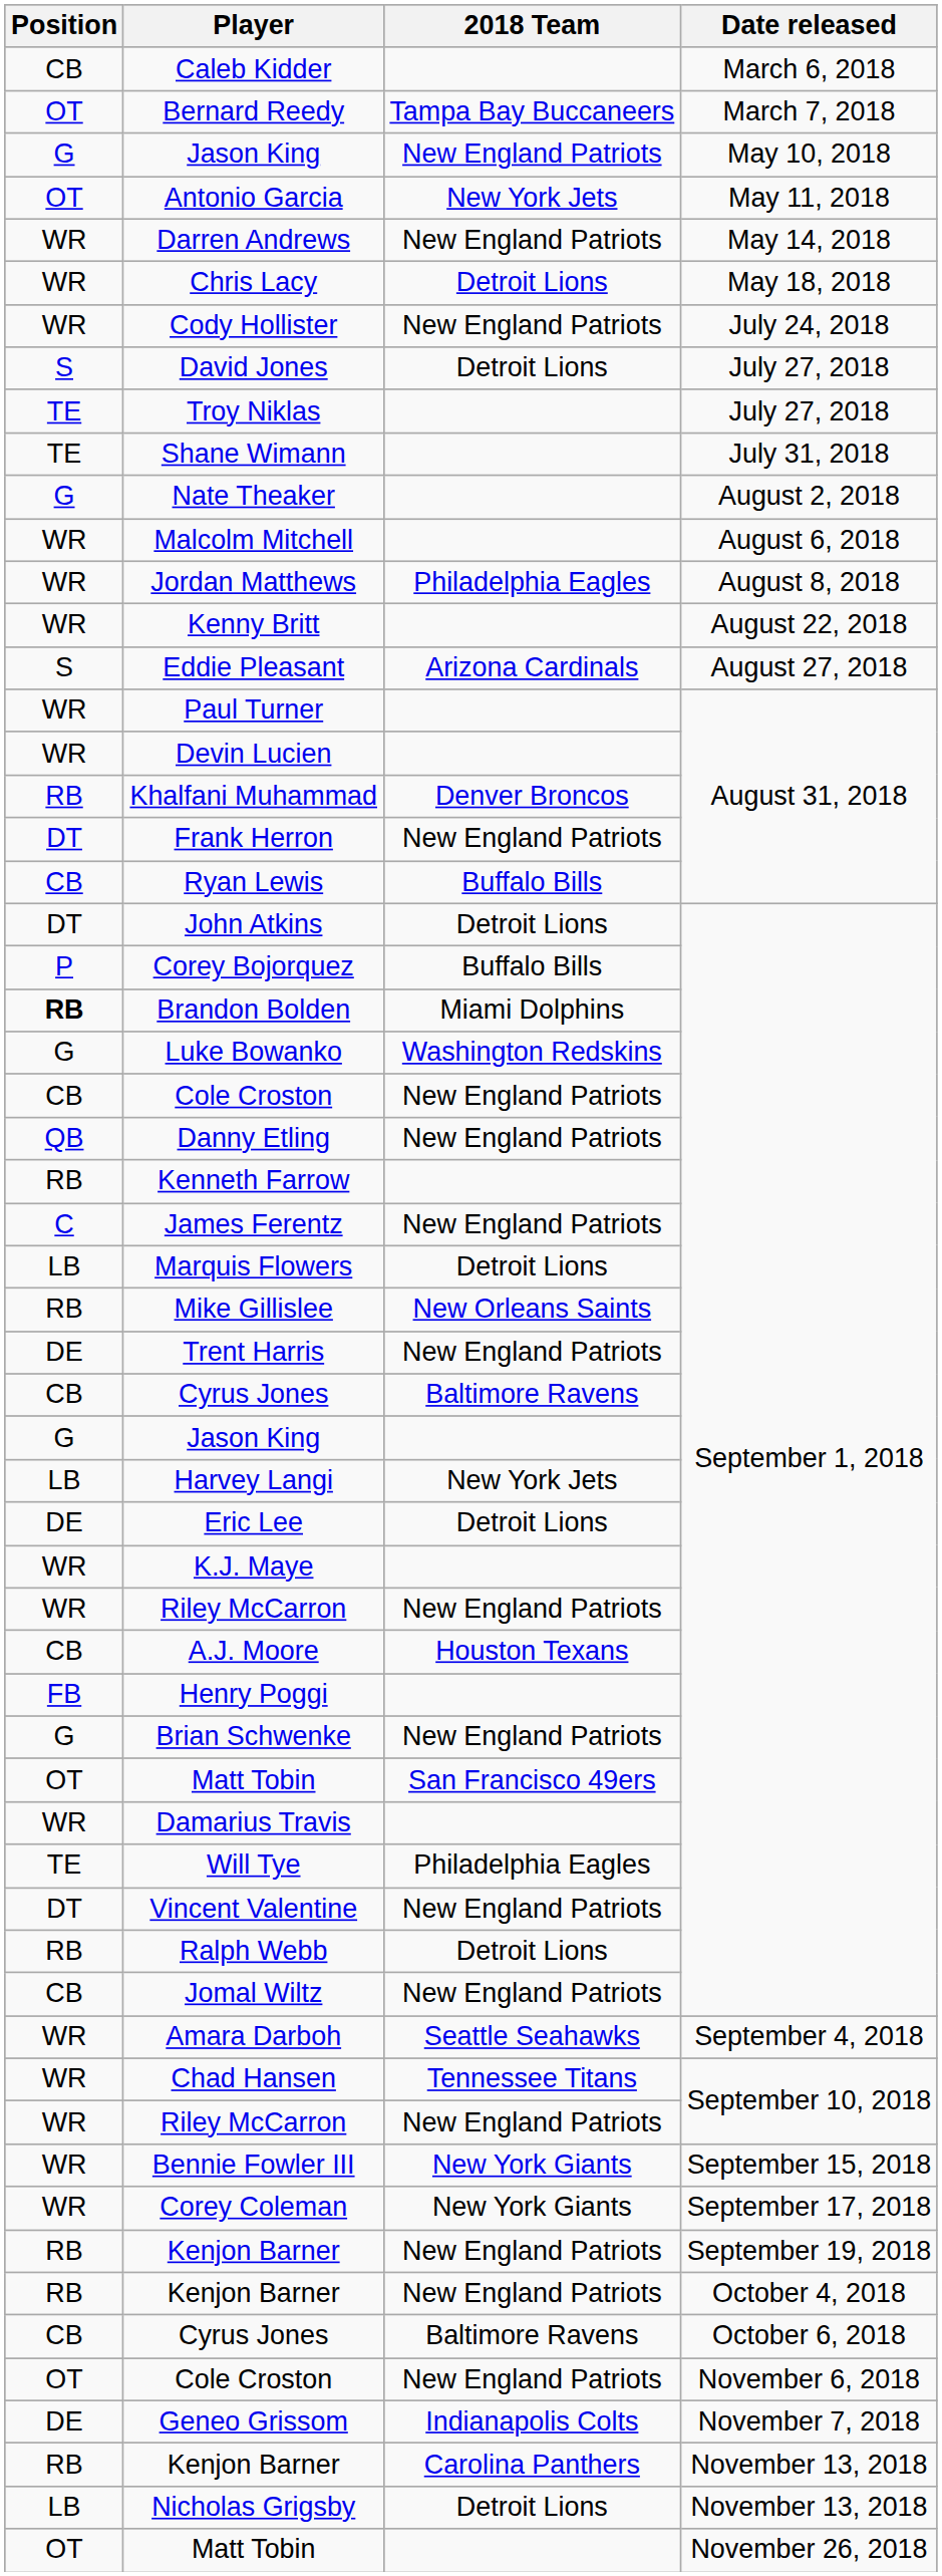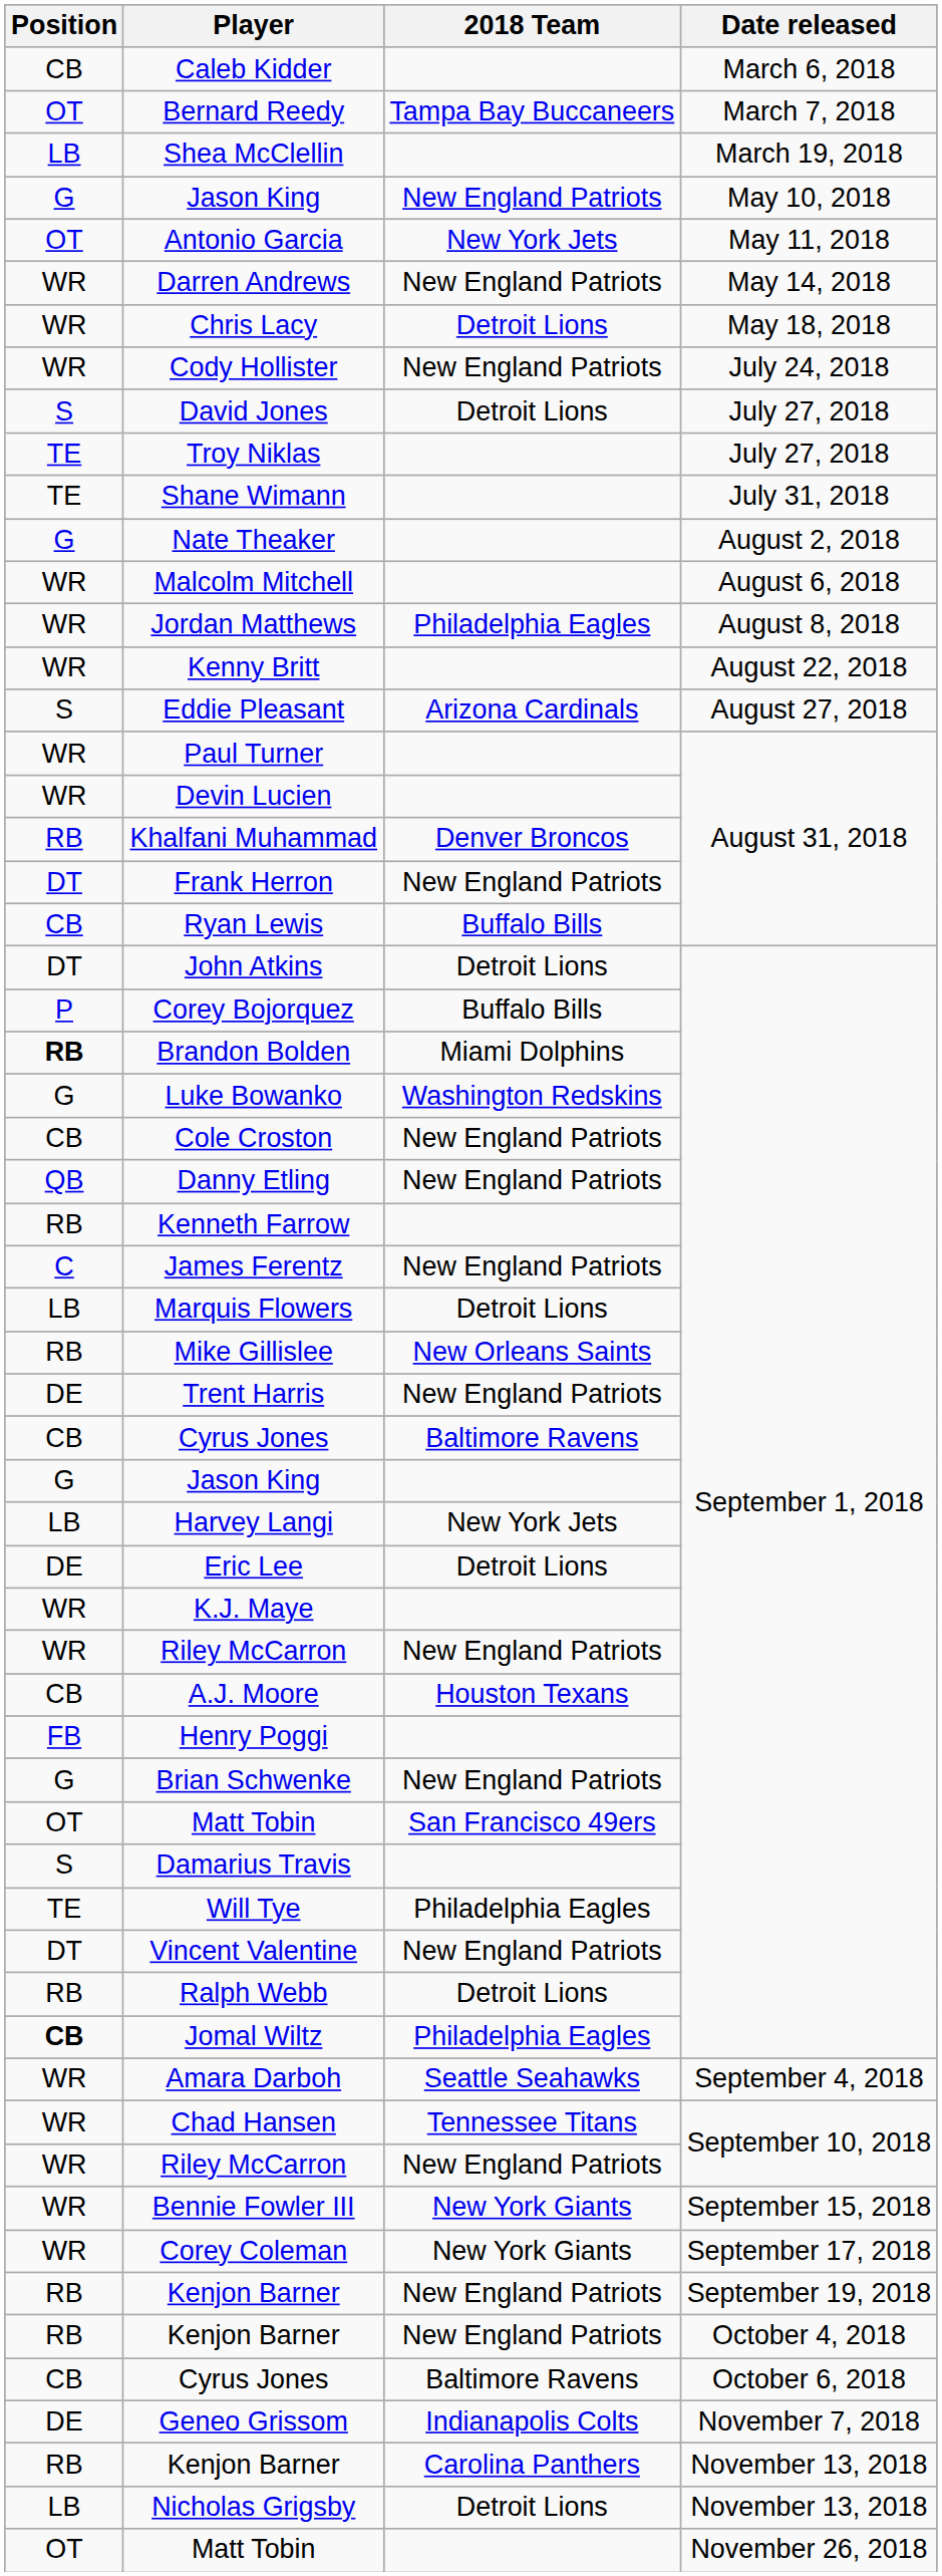 <table class="wikitable" style="text-align:center">
 <tr>
 <th>Position</th>
 <th>Player</th>
 <th>2018 Team</th>
 <th>Date released</th>
 </tr>
 <tr>
 <td>CB</td>
 <td><a href='#'>Caleb Kidder</a></td>
 <td></td>
 <td>March 6, 2018</td>
 </tr>
 <tr>
 <td><a href='#'>OT</a></td>
 <td><a href='#'>Bernard Reedy</a></td>
 <td><a href='#'>Tampa Bay Buccaneers</a></td>
 <td>March 7, 2018</td>
+</tr>
+<tr>
+<td><a href='#'>LB</a></td>
+<td><a href='#'>Shea McClellin</a></td>
+<td></td>
+<td>March 19, 2018</td>
 </tr>
 <tr>
 <td><a href='#'>G</a></td>
 <td><a href='#'>Jason King</a></td>
 <td><a href='#'>New England Patriots</a></td>
 <td>May 10, 2018</td>
 </tr>
 <tr>
 <td><a href='#'>OT</a></td>
 <td><a href='#'>Antonio Garcia</a></td>
 <td><a href='#'>New York Jets</a></td>
 <td>May 11, 2018</td>
 </tr>
 <tr>
 <td>WR</td>
 <td><a href='#'>Darren Andrews</a></td>
 <td>New England Patriots</td>
 <td>May 14, 2018</td>
 </tr>
 <tr>
 <td>WR</td>
 <td><a href='#'>Chris Lacy</a></td>
 <td><a href='#'>Detroit Lions</a></td>
 <td>May 18, 2018</td>
 </tr>
 <tr>
 <td>WR</td>
 <td><a href='#'>Cody Hollister</a></td>
 <td>New England Patriots</td>
 <td>July 24, 2018</td>
 </tr>
 <tr>
 <td><a href='#'>S</a></td>
 <td><a href='#'>David Jones</a></td>
 <td>Detroit Lions</td>
 <td>July 27, 2018</td>
 </tr>
 <tr>
 <td><a href='#'>TE</a></td>
 <td><a href='#'>Troy Niklas</a></td>
 <td></td>
 <td>July 27, 2018</td>
 </tr>
 <tr>
 <td>TE</td>
 <td><a href='#'>Shane Wimann</a></td>
 <td></td>
 <td>July 31, 2018</td>
 </tr>
 <tr>
 <td><a href='#'>G</a></td>
 <td><a href='#'>Nate Theaker</a></td>
 <td></td>
 <td>August 2, 2018</td>
 </tr>
 <tr>
 <td>WR</td>
 <td><a href='#'>Malcolm Mitchell</a></td>
 <td></td>
 <td>August 6, 2018</td>
 </tr>
 <tr>
 <td>WR</td>
 <td><a href='#'>Jordan Matthews</a></td>
 <td><a href='#'>Philadelphia Eagles</a></td>
 <td>August 8, 2018</td>
 </tr>
 <tr>
 <td>WR</td>
 <td><a href='#'>Kenny Britt</a></td>
 <td></td>
 <td>August 22, 2018</td>
 </tr>
 <tr>
 <td>S</td>
 <td><a href='#'>Eddie Pleasant</a></td>
 <td><a href='#'>Arizona Cardinals</a></td>
 <td>August 27, 2018</td>
 </tr>
 <tr>
 <td>WR</td>
 <td><a href='#'>Paul Turner</a></td>
 <td></td>
 <td rowspan="5">August 31, 2018</td>
 </tr>
 <tr>
 <td>WR</td>
 <td><a href='#'>Devin Lucien</a></td>
 <td></td>
 </tr>
 <tr>
 <td><a href='#'>RB</a></td>
 <td><a href='#'>Khalfani Muhammad</a></td>
 <td><a href='#'>Denver Broncos</a></td>
 </tr>
 <tr>
 <td><a href='#'>DT</a></td>
 <td><a href='#'>Frank Herron</a></td>
 <td>New England Patriots</td>
 </tr>
 <tr>
 <td><a href='#'>CB</a></td>
 <td><a href='#'>Ryan Lewis</a></td>
 <td><a href='#'>Buffalo Bills</a></td>
 </tr>
 <tr>
 <td>DT</td>
 <td><a href='#'>John Atkins</a></td>
 <td>Detroit Lions</td>
 <td rowspan="26">September 1, 2018</td>
 </tr>
 <tr>
 <td><a href='#'>P</a></td>
 <td><a href='#'>Corey Bojorquez</a></td>
 <td>Buffalo Bills</td>
 </tr>
 <tr>
 <td><strong>RB</strong></td>
 <td><a href='#'>Brandon Bolden</a></td>
 <td>Miami Dolphins</td>
 </tr>
 <tr>
 <td>G</td>
 <td><a href='#'>Luke Bowanko</a></td>
 <td><a href='#'>Washington Redskins</a></td>
 </tr>
 <tr>
 <td>CB</td>
 <td><a href='#'>Cole Croston</a></td>
 <td>New England Patriots</td>
 </tr>
 <tr>
 <td><a href='#'>QB</a></td>
 <td><a href='#'>Danny Etling</a></td>
 <td>New England Patriots</td>
 </tr>
 <tr>
 <td>RB</td>
 <td><a href='#'>Kenneth Farrow</a></td>
 <td></td>
 </tr>
 <tr>
 <td><a href='#'>C</a></td>
 <td><a href='#'>James Ferentz</a></td>
 <td>New England Patriots</td>
 </tr>
 <tr>
 <td>LB</td>
 <td><a href='#'>Marquis Flowers</a></td>
 <td>Detroit Lions</td>
 </tr>
 <tr>
 <td>RB</td>
 <td><a href='#'>Mike Gillislee</a></td>
 <td><a href='#'>New Orleans Saints</a></td>
 </tr>
 <tr>
 <td>DE</td>
 <td><a href='#'>Trent Harris</a></td>
 <td>New England Patriots</td>
 </tr>
 <tr>
 <td>CB</td>
 <td><a href='#'>Cyrus Jones</a></td>
 <td><a href='#'>Baltimore Ravens</a></td>
 </tr>
 <tr>
 <td>G</td>
 <td><a href='#'>Jason King</a></td>
 <td></td>
 </tr>
 <tr>
 <td>LB</td>
 <td><a href='#'>Harvey Langi</a></td>
 <td>New York Jets</td>
 </tr>
 <tr>
 <td>DE</td>
 <td><a href='#'>Eric Lee</a></td>
 <td>Detroit Lions</td>
 </tr>
 <tr>
 <td>WR</td>
 <td><a href='#'>K.J. Maye</a></td>
 <td></td>
 </tr>
 <tr>
 <td>WR</td>
 <td><a href='#'>Riley McCarron</a></td>
 <td>New England Patriots</td>
 </tr>
 <tr>
 <td>CB</td>
 <td><a href='#'>A.J. Moore</a></td>
 <td><a href='#'>Houston Texans</a></td>
 </tr>
 <tr>
 <td><a href='#'>FB</a></td>
 <td><a href='#'>Henry Poggi</a></td>
 <td></td>
 </tr>
 <tr>
 <td>G</td>
 <td><a href='#'>Brian Schwenke</a></td>
 <td>New England Patriots</td>
 </tr>
 <tr>
 <td>OT</td>
 <td><a href='#'>Matt Tobin</a></td>
 <td><a href='#'>San Francisco 49ers</a></td>
 </tr>
 <tr>
-<td>WR</td>
+<td>S</td>
 <td><a href='#'>Damarius Travis</a></td>
 <td></td>
 </tr>
 <tr>
 <td>TE</td>
 <td><a href='#'>Will Tye</a></td>
 <td>Philadelphia Eagles</td>
 </tr>
 <tr>
 <td>DT</td>
 <td><a href='#'>Vincent Valentine</a></td>
 <td>New England Patriots</td>
 </tr>
 <tr>
 <td>RB</td>
 <td><a href='#'>Ralph Webb</a></td>
 <td>Detroit Lions</td>
 </tr>
 <tr>
-<td>CB</td>
+<td><strong>CB</strong></td>
 <td><a href='#'>Jomal Wiltz</a></td>
-<td>New England Patriots</td>
+<td><a href='#'>Philadelphia Eagles</a></td>
 </tr>
 <tr>
 <td>WR</td>
 <td><a href='#'>Amara Darboh</a></td>
 <td><a href='#'>Seattle Seahawks</a></td>
 <td>September 4, 2018</td>
 </tr>
 <tr>
 <td>WR</td>
 <td><a href='#'>Chad Hansen</a></td>
 <td><a href='#'>Tennessee Titans</a></td>
 <td rowspan="2">September 10, 2018</td>
 </tr>
 <tr>
 <td>WR</td>
 <td><a href='#'>Riley McCarron</a></td>
 <td>New England Patriots</td>
 </tr>
 <tr>
 <td>WR</td>
 <td><a href='#'>Bennie Fowler III</a></td>
 <td><a href='#'>New York Giants</a></td>
 <td>September 15, 2018</td>
 </tr>
 <tr>
 <td>WR</td>
 <td><a href='#'>Corey Coleman</a></td>
 <td>New York Giants</td>
 <td>September 17, 2018</td>
 </tr>
 <tr>
 <td>RB</td>
 <td><a href='#'>Kenjon Barner</a></td>
 <td>New England Patriots</td>
 <td>September 19, 2018</td>
 </tr>
 <tr>
 <td>RB</td>
 <td>Kenjon Barner</td>
 <td>New England Patriots</td>
 <td>October 4, 2018</td>
 </tr>
 <tr>
 <td>CB</td>
 <td>Cyrus Jones</td>
 <td>Baltimore Ravens</td>
 <td>October 6, 2018</td>
 </tr>
 <tr>
-<td>OT</td>
-<td>Cole Croston</td>
-<td>New England Patriots</td>
-<td>November 6, 2018</td>
-</tr>
-<tr>
 <td>DE</td>
 <td><a href='#'>Geneo Grissom</a></td>
 <td><a href='#'>Indianapolis Colts</a></td>
 <td>November 7, 2018</td>
 </tr>
 <tr>
 <td>RB</td>
 <td>Kenjon Barner</td>
 <td><a href='#'>Carolina Panthers</a></td>
 <td>November 13, 2018</td>
 </tr>
 <tr>
 <td>LB</td>
 <td><a href='#'>Nicholas Grigsby</a></td>
 <td>Detroit Lions</td>
 <td>November 13, 2018</td>
 </tr>
 <tr>
 <td>OT</td>
 <td>Matt Tobin</td>
 <td></td>
 <td>November 26, 2018</td>
 </tr>
 </table>
